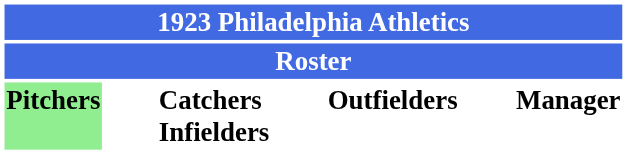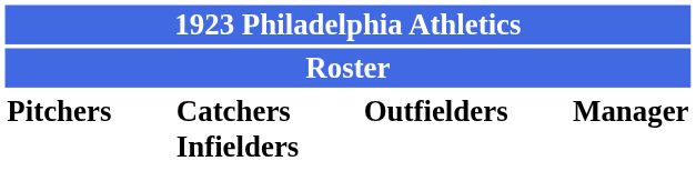 <table class="toccolours" style="font-size: 95%;">
 <tr>
 <th colspan="10" style="background-color: #4169e1; color: white; text-align: center;">1923 Philadelphia Athletics</th>
 </tr>
 <tr>
 <td colspan="10" style="background-color: #4169e1; color: white; text-align: center;"><strong>Roster</strong></td>
 </tr>
 <tr>
-<td valign="top" style="background: lightgreen;"><strong>Pitchers</strong><br>               </td>
+<td valign="top"><strong>Pitchers</strong><br>               </td>
 <td width="25px"></td>
 <td valign="top"><strong>Catchers</strong><br>   <strong>Infielders</strong>       </td>
 <td width="25px"></td>
 <td valign="top"><strong>Outfielders</strong><br>      </td>
 <td width="25px"></td>
 <td valign="top"><strong>Manager</strong><br></td>
 </tr>
 </table>
